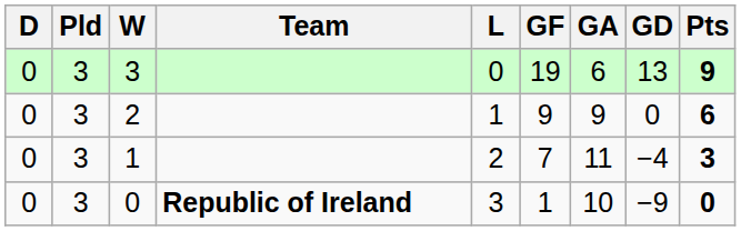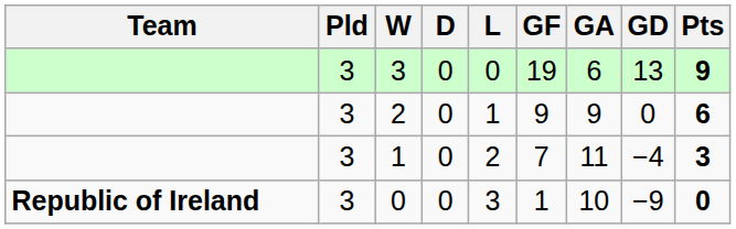 <table class="wikitable" style="text-align: center;">
 <tr>
-<th width=20>D</th>
+<th width=175>Team</th>
 <th width=20>Pld</th>
 <th width=20>W</th>
-<th width=175>Team</th>
+<th width=20>D</th>
 <th width=20>L</th>
 <th width=20>GF</th>
 <th width=20>GA</th>
 <th width=20>GD</th>
 <th width=20>Pts</th>
 </tr>
 <tr bgcolor=#ccffcc>
-<td>0</td>
+<td style=text-align:left;></td>
 <td>3</td>
 <td>3</td>
-<td style=text-align:left;></td>
+<td>0</td>
 <td>0</td>
 <td>19</td>
 <td>6</td>
 <td>13</td>
 <td><strong>9</strong></td>
 </tr>
 <tr align=center>
-<td>0</td>
+<td style=text-align:left;></td>
 <td>3</td>
 <td>2</td>
-<td style=text-align:left;></td>
+<td>0</td>
 <td>1</td>
 <td>9</td>
 <td>9</td>
 <td>0</td>
 <td><strong>6</strong></td>
 </tr>
 <tr align=center>
-<td>0</td>
+<td style=text-align:left;></td>
 <td>3</td>
 <td>1</td>
-<td style=text-align:left;></td>
+<td>0</td>
 <td>2</td>
 <td>7</td>
 <td>11</td>
 <td>−4</td>
 <td><strong>3</strong></td>
 </tr>
 <tr align=center>
-<td>0</td>
+<td style=text-align:left;> <strong>Republic of Ireland</strong></td>
 <td>3</td>
 <td>0</td>
-<td style=text-align:left;> <strong>Republic of Ireland</strong></td>
+<td>0</td>
 <td>3</td>
 <td>1</td>
 <td>10</td>
 <td>−9</td>
 <td><strong>0</strong></td>
 </tr>
 </table>
